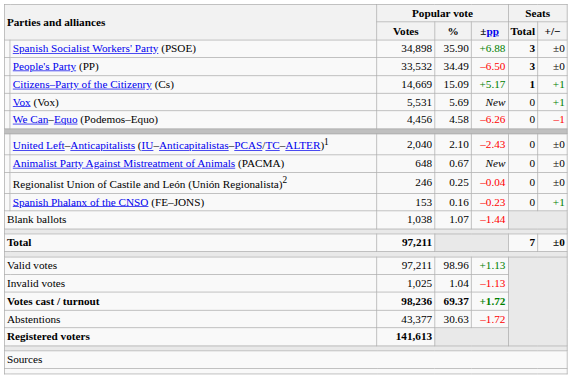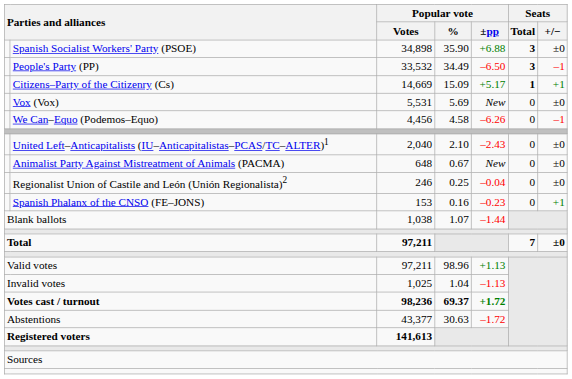 <table class="wikitable" style="text-align:right;">
 <tr>
 <th style="text-align:left;" rowspan="2" colspan="2" width="525">Parties and alliances</th>
 <th colspan="3">Popular vote</th>
 <th colspan="2">Seats</th>
 </tr>
 <tr>
 <th width="75">Votes</th>
 <th width="45">%</th>
 <th width="45">±<a href='#'>pp</a></th>
 <th width="35">Total</th>
 <th width="35">+/−</th>
 </tr>
 <tr>
 <td width="1" style="color:inherit;background:"></td>
 <td align="left"><a href='#'>Spanish Socialist Workers' Party</a> (PSOE)</td>
 <td>34,898</td>
 <td>35.90</td>
 <td style="color:green;">+6.88</td>
 <td><strong>3</strong></td>
 <td>±0</td>
 </tr>
 <tr>
 <td style="color:inherit;background:"></td>
 <td align="left"><a href='#'>People's Party</a> (PP)</td>
 <td>33,532</td>
 <td>34.49</td>
 <td style="color:red;">–6.50</td>
 <td><strong>3</strong></td>
-<td>±0</td>
+<td style="color:red;">–1</td>
 </tr>
 <tr>
 <td style="color:inherit;background:"></td>
 <td align="left"><a href='#'>Citizens–Party of the Citizenry</a> (Cs)</td>
 <td>14,669</td>
 <td>15.09</td>
 <td style="color:green;">+5.17</td>
 <td><strong>1</strong></td>
 <td style="color:green;">+1</td>
 </tr>
 <tr>
 <td style="color:inherit;background:"></td>
 <td align="left"><a href='#'>Vox</a> (Vox)</td>
 <td>5,531</td>
 <td>5.69</td>
 <td><em>New</em></td>
 <td>0</td>
-<td style="color:green;">+1</td>
+<td>±0</td>
 </tr>
 <tr>
 <td style="color:inherit;background:"></td>
 <td align="left"><a href='#'>We Can</a>–<a href='#'>Equo</a> (Podemos–Equo)</td>
 <td>4,456</td>
 <td>4.58</td>
 <td style="color:red;">–6.26</td>
 <td>0</td>
 <td style="color:red;">–1</td>
 </tr>
 <tr>
 <td colspan="7" bgcolor="#C0C0C0"></td>
 </tr>
 <tr>
 <td style="color:inherit;background:"></td>
 <td align="left"><a href='#'>United Left</a>–<a href='#'>Anticapitalists</a> (<a href='#'>IU</a>–<a href='#'>Anticapitalistas</a>–<a href='#'>PCAS</a>/<a href='#'>TC</a>–<a href='#'>ALTER</a>)<sup>1</sup></td>
 <td>2,040</td>
 <td>2.10</td>
 <td style="color:red;">–2.43</td>
 <td>0</td>
 <td>±0</td>
 </tr>
 <tr>
 <td style="color:inherit;background:"></td>
 <td align="left"><a href='#'>Animalist Party Against Mistreatment of Animals</a> (PACMA)</td>
 <td>648</td>
 <td>0.67</td>
 <td><em>New</em></td>
 <td>0</td>
 <td>±0</td>
 </tr>
 <tr>
 <td style="color:inherit;background:"></td>
 <td align="left">Regionalist Union of Castile and León (Unión Regionalista)<sup>2</sup></td>
 <td>246</td>
 <td>0.25</td>
 <td style="color:red;">–0.04</td>
 <td>0</td>
 <td>±0</td>
 </tr>
 <tr>
 <td style="color:inherit;background:"></td>
 <td align="left"><a href='#'>Spanish Phalanx of the CNSO</a> (FE–JONS)</td>
 <td>153</td>
 <td>0.16</td>
 <td style="color:red;">–0.23</td>
 <td>0</td>
 <td style="color:green;">+1</td>
 </tr>
 <tr>
 <td align="left" colspan="2">Blank ballots</td>
 <td>1,038</td>
 <td>1.07</td>
 <td style="color:red;">–1.44</td>
 <td bgcolor="#E9E9E9" colspan="2"></td>
 </tr>
 <tr>
 <td colspan="7" bgcolor="#E9E9E9"></td>
 </tr>
 <tr style="font-weight:bold;">
 <td align="left" colspan="2">Total</td>
 <td>97,211</td>
 <td bgcolor="#E9E9E9" colspan="2"></td>
 <td>7</td>
 <td>±0</td>
 </tr>
 <tr>
 <td colspan="7" bgcolor="#E9E9E9"></td>
 </tr>
 <tr>
 <td align="left" colspan="2">Valid votes</td>
 <td>97,211</td>
 <td>98.96</td>
 <td style="color:green;">+1.13</td>
 <td bgcolor="#E9E9E9" colspan="2" rowspan="5"></td>
 </tr>
 <tr>
 <td align="left" colspan="2">Invalid votes</td>
 <td>1,025</td>
 <td>1.04</td>
 <td style="color:red;">–1.13</td>
 </tr>
 <tr style="font-weight:bold;">
 <td align="left" colspan="2">Votes cast / turnout</td>
 <td>98,236</td>
 <td>69.37</td>
 <td style="color:green;">+1.72</td>
 </tr>
 <tr>
 <td align="left" colspan="2">Abstentions</td>
 <td>43,377</td>
 <td>30.63</td>
 <td style="color:red;">–1.72</td>
 </tr>
 <tr style="font-weight:bold;">
 <td align="left" colspan="2">Registered voters</td>
 <td>141,613</td>
 <td bgcolor="#E9E9E9" colspan="2"></td>
 </tr>
 <tr>
 <td colspan="7" bgcolor="#E9E9E9"></td>
 </tr>
 <tr>
 <td align="left" colspan="7">Sources</td>
 </tr>
 <tr>
 <td colspan="7" style="text-align:left; max-width:790px;"></td>
 </tr>
 </table>
